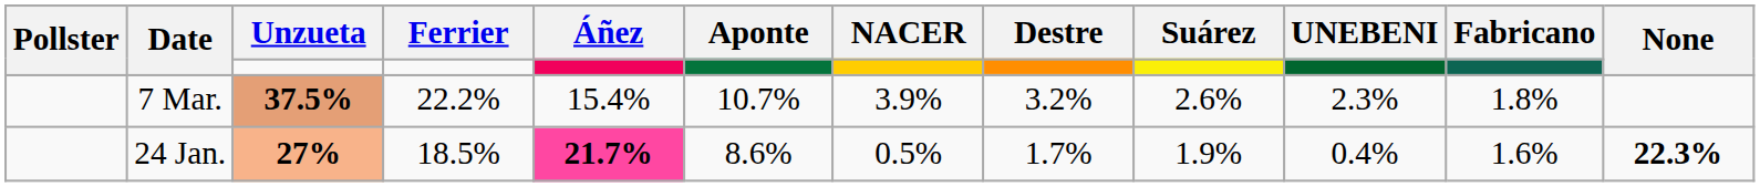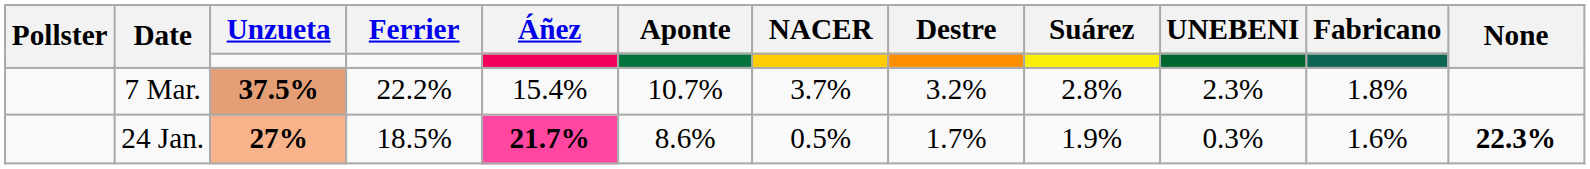 <table class="wikitable" style="font-size: 90%; text-align:center;">
 <tr>
 <th bgcolor="#EAECF0" rowspan=2>Pollster</th>
 <th bgcolor="#EAECF0" rowspan=2>Date</th>
 <th bgcolor="#EAECF0" style="width:60px"><a href='#'>Unzueta</a></th>
 <th bgcolor="#EAECF0" style="width:60px"><a href='#'>Ferrier</a></th>
 <th bgcolor="#EAECF0" style="width:60px"><a href='#'>Áñez</a></th>
 <th bgcolor="#EAECF0" style="width:60px">Aponte</th>
 <th bgcolor="#EAECF0" style="width:60px">NACER</th>
 <th bgcolor="#EAECF0" style="width:60px">Destre</th>
 <th bgcolor="#EAECF0" style="width:60px">Suárez</th>
 <th bgcolor="#EAECF0" style="width:60px">UNEBENI</th>
 <th bgcolor="#EAECF0" style="width:60px">Fabricano</th>
 <th bgcolor="#EAECF0" style="width:60px" rowspan=2>None</th>
 </tr>
 <tr>
 <td style="background:"></td>
 <td style="background:"></td>
 <td style="background:#F1015C;"></td>
 <td style="background:#03743C;"></td>
 <td style="background:#FFCD01;"></td>
 <td style="background:#FF8E01;"></td>
 <td style="background:#FAEF09;"></td>
 <td style="background:#00662F;"></td>
 <td style="background:#0C6553;"></td>
 </tr>
 <tr>
 <td></td>
 <td>7 Mar.</td>
 <td style="background:#E49F76;"><strong>37.5%</strong></td>
 <td>22.2%</td>
 <td>15.4%</td>
 <td>10.7%</td>
-<td>3.9%</td>
+<td>3.7%</td>
 <td>3.2%</td>
-<td>2.6%</td>
+<td>2.8%</td>
 <td>2.3%</td>
 <td>1.8%</td>
 <td></td>
 </tr>
 <tr>
 <td></td>
 <td>24 Jan.</td>
 <td style="background:#F8B38A;"><strong>27%</strong></td>
 <td>18.5%</td>
 <td style="background:#FF47A2;"><strong>21.7%</strong></td>
 <td>8.6%</td>
 <td>0.5%</td>
 <td>1.7%</td>
 <td>1.9%</td>
-<td>0.4%</td>
+<td>0.3%</td>
 <td>1.6%</td>
 <td><strong>22.3%</strong></td>
 </tr>
 </table>
